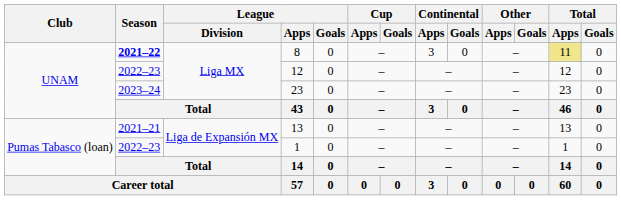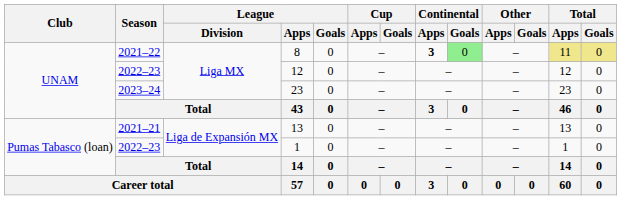 <table class="wikitable" style="text-align: center">
 <tr>
 <th rowspan="2">Club</th>
 <th rowspan="2">Season</th>
 <th colspan="3">League</th>
 <th colspan="2">Cup</th>
 <th colspan="2">Continental</th>
 <th colspan="2">Other</th>
 <th colspan="2">Total</th>
 </tr>
 <tr>
 <th>Division</th>
 <th>Apps</th>
 <th>Goals</th>
 <th>Apps</th>
 <th>Goals</th>
 <th>Apps</th>
 <th>Goals</th>
 <th>Apps</th>
 <th>Goals</th>
 <th>Apps</th>
 <th>Goals</th>
 </tr>
 <tr>
 <td rowspan="4"><a href='#'>UNAM</a></td>
-<td><strong><a href='#'>2021–22</a></strong></td>
+<td><a href='#'>2021–22</a></td>
 <td rowspan="3"><a href='#'>Liga MX</a></td>
 <td>8</td>
 <td>0</td>
 <td colspan="2">–</td>
-<td>3</td>
-<td>0</td>
+<td><strong>3</strong></td>
+<td style="background: lightgreen;">0</td>
 <td colspan="2">–</td>
 <td style="background: khaki;">11</td>
-<td>0</td>
+<td style="background: khaki;">0</td>
 </tr>
 <tr>
 <td><a href='#'>2022–23</a></td>
 <td>12</td>
 <td>0</td>
 <td colspan="2">–</td>
 <td colspan="2">–</td>
 <td colspan="2">–</td>
 <td>12</td>
 <td>0</td>
 </tr>
 <tr>
 <td><a href='#'>2023–24</a></td>
 <td>23</td>
 <td>0</td>
 <td colspan="2">–</td>
 <td colspan="2">–</td>
 <td colspan="2">–</td>
 <td>23</td>
 <td>0</td>
 </tr>
 <tr>
 <th colspan="2">Total</th>
 <th>43</th>
 <th>0</th>
 <th colspan="2">–</th>
 <th>3</th>
 <th>0</th>
 <th colspan="2">–</th>
 <th>46</th>
 <th>0</th>
 </tr>
 <tr>
 <td rowspan="3"><a href='#'>Pumas Tabasco</a> (loan)</td>
 <td><a href='#'>2021–21</a></td>
 <td rowspan="2"><a href='#'>Liga de Expansión MX</a></td>
 <td>13</td>
 <td>0</td>
 <td colspan="2">–</td>
 <td colspan="2">–</td>
 <td colspan="2">–</td>
 <td>13</td>
 <td>0</td>
 </tr>
 <tr>
 <td><a href='#'>2022–23</a></td>
 <td>1</td>
 <td>0</td>
 <td colspan="2">–</td>
 <td colspan="2">–</td>
 <td colspan="2">–</td>
 <td>1</td>
 <td>0</td>
 </tr>
 <tr>
 <th colspan="2">Total</th>
 <th>14</th>
 <th>0</th>
 <th colspan="2">–</th>
 <th colspan="2">–</th>
 <th colspan="2">–</th>
 <th>14</th>
 <th>0</th>
 </tr>
 <tr>
 <th colspan="3">Career total</th>
 <th>57</th>
 <th>0</th>
 <th>0</th>
 <th>0</th>
 <th>3</th>
 <th>0</th>
 <th>0</th>
 <th>0</th>
 <th>60</th>
 <th>0</th>
 </tr>
 </table>
